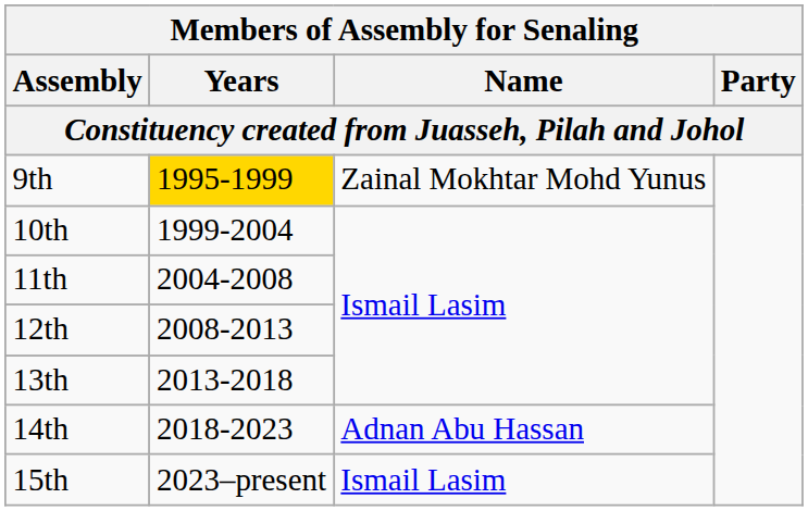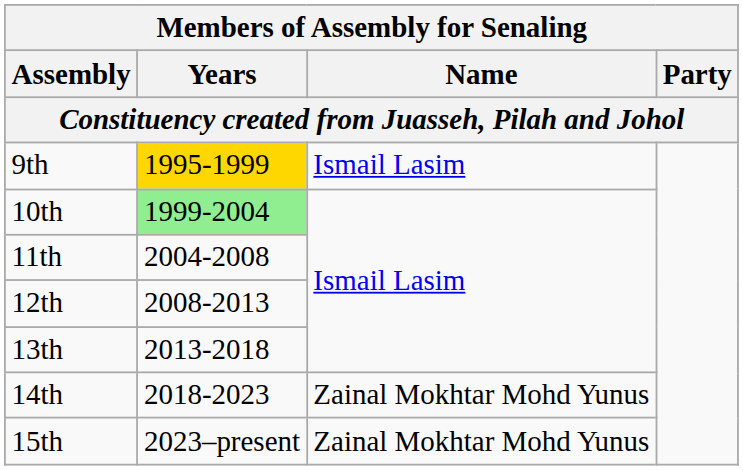 <table class="wikitable">
 <tr>
 <th colspan="4">Members of Assembly for Senaling</th>
 </tr>
 <tr>
 <th>Assembly</th>
 <th>Years</th>
 <th>Name</th>
 <th>Party</th>
 </tr>
 <tr>
 <th colspan="4"><em>Constituency created from Juasseh, Pilah and Johol</em></th>
 </tr>
 <tr>
 <td>9th</td>
 <td style="background: gold;">1995-1999</td>
-<td>Zainal Mokhtar Mohd Yunus</td>
+<td><a href='#'>Ismail Lasim</a></td>
 <td rowspan="7"></td>
 </tr>
 <tr>
 <td>10th</td>
-<td>1999-2004</td>
+<td style="background: lightgreen;">1999-2004</td>
 <td rowspan="4"><a href='#'>Ismail Lasim</a></td>
 </tr>
 <tr>
 <td>11th</td>
 <td>2004-2008</td>
 </tr>
 <tr>
 <td>12th</td>
 <td>2008-2013</td>
 </tr>
 <tr>
 <td>13th</td>
 <td>2013-2018</td>
 </tr>
 <tr>
 <td>14th</td>
 <td>2018-2023</td>
-<td><a href='#'>Adnan Abu Hassan</a></td>
+<td>Zainal Mokhtar Mohd Yunus</td>
 </tr>
 <tr>
 <td>15th</td>
 <td>2023–present</td>
-<td><a href='#'>Ismail Lasim</a></td>
+<td>Zainal Mokhtar Mohd Yunus</td>
 </tr>
 </table>
